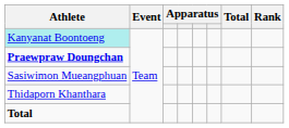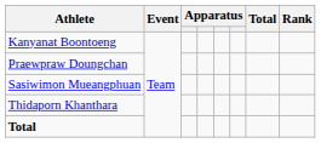 <table class="wikitable" style="font-size:90%">
 <tr>
 <th rowspan=2>Athlete</th>
 <th rowspan=2>Event</th>
 <th colspan=4>Apparatus</th>
 <th rowspan=2>Total</th>
 <th rowspan=2>Rank</th>
 </tr>
 <tr style="font-size:95%">
 <th></th>
 <th></th>
 <th></th>
 <th></th>
 </tr>
 <tr align=center>
-<td align=left style="background: paleturquoise;"><a href='#'>Kanyanat Boontoeng</a></td>
+<td align=left><a href='#'>Kanyanat Boontoeng</a></td>
 <td align=left rowspan=5><a href='#'>Team</a></td>
 <td></td>
 <td></td>
 <td></td>
 <td></td>
 <td></td>
 <td></td>
 </tr>
 <tr align=center>
-<td align=left><strong><a href='#'>Praewpraw Doungchan</a></strong></td>
+<td align=left><a href='#'>Praewpraw Doungchan</a></td>
 <td></td>
 <td></td>
 <td></td>
 <td></td>
 <td></td>
 <td></td>
 </tr>
 <tr align=center>
 <td align=left><a href='#'>Sasiwimon Mueangphuan</a></td>
 <td></td>
 <td></td>
 <td></td>
 <td></td>
 <td></td>
 <td></td>
 </tr>
 <tr align=center>
 <td align=left><a href='#'>Thidaporn Khanthara</a></td>
 <td></td>
 <td></td>
 <td></td>
 <td></td>
 <td></td>
 <td></td>
 </tr>
 <tr align=center>
 <td align=left><strong>Total</strong></td>
 <td></td>
 <td></td>
 <td></td>
 <td></td>
 <td></td>
 <td></td>
 </tr>
 </table>
